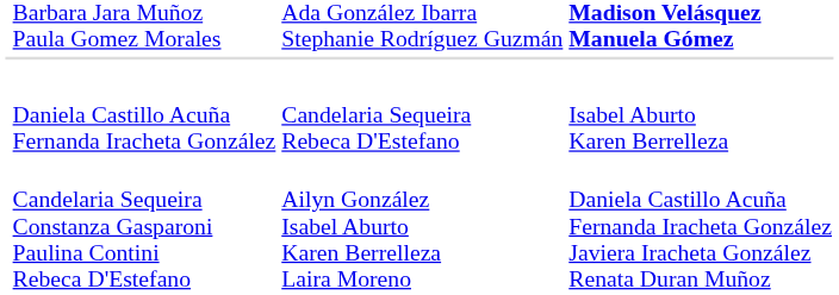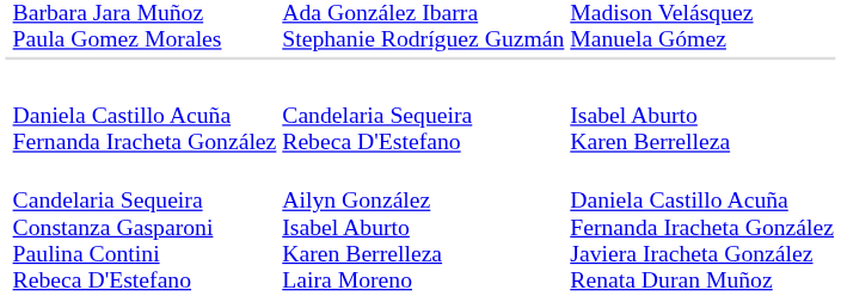 <table>
 <tr>
 <td></td>
 <td></td>
 <td></td>
 <td></td>
 </tr>
 <tr valign="top">
 <td></td>
 <td><br><a href='#'>Barbara Jara Muñoz</a><br><a href='#'>Paula Gomez Morales</a></td>
 <td><br><a href='#'>Ada González Ibarra</a><br><a href='#'>Stephanie Rodríguez Guzmán</a></td>
-<td><strong><br><a href='#'>Madison Velásquez</a><br><a href='#'>Manuela Gómez</a></strong></td>
+<td><br><a href='#'>Madison Velásquez</a><br><a href='#'>Manuela Gómez</a></td>
 </tr>
 <tr bgcolor=#DDDDDD>
 <td colspan=7></td>
 </tr>
 <tr>
 <td></td>
 <td></td>
 <td></td>
 <td></td>
 </tr>
 <tr>
 <td></td>
 <td></td>
 <td></td>
 <td></td>
 </tr>
 <tr valign="top">
 <td></td>
 <td><br><a href='#'>Daniela Castillo Acuña</a><br><a href='#'>Fernanda Iracheta González</a></td>
 <td><br><a href='#'>Candelaria Sequeira</a><br><a href='#'>Rebeca D'Estefano</a></td>
 <td><br><a href='#'>Isabel Aburto</a><br><a href='#'>Karen Berrelleza</a></td>
 </tr>
 <tr valign="top">
 <td></td>
 <td><br><a href='#'>Candelaria Sequeira</a><br><a href='#'>Constanza Gasparoni</a><br><a href='#'>Paulina Contini</a><br><a href='#'>Rebeca D'Estefano</a></td>
 <td><br><a href='#'>Ailyn González</a><br><a href='#'>Isabel Aburto</a><br><a href='#'>Karen Berrelleza</a><br><a href='#'>Laira Moreno</a></td>
 <td><br><a href='#'>Daniela Castillo Acuña</a><br><a href='#'>Fernanda Iracheta González</a><br><a href='#'>Javiera Iracheta González</a><br><a href='#'>Renata Duran Muñoz</a></td>
 </tr>
 </table>
